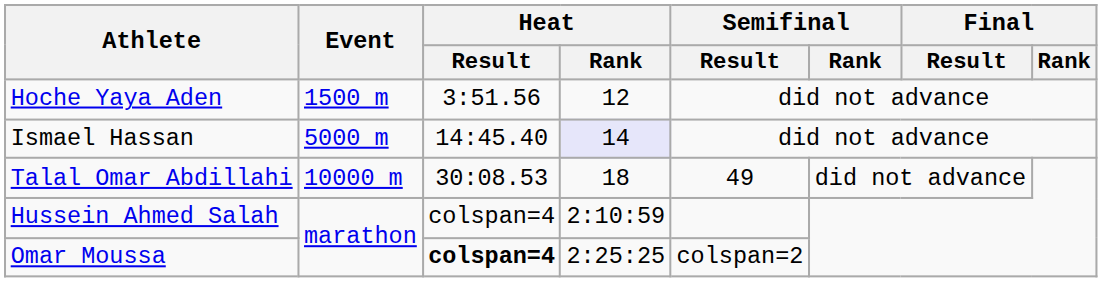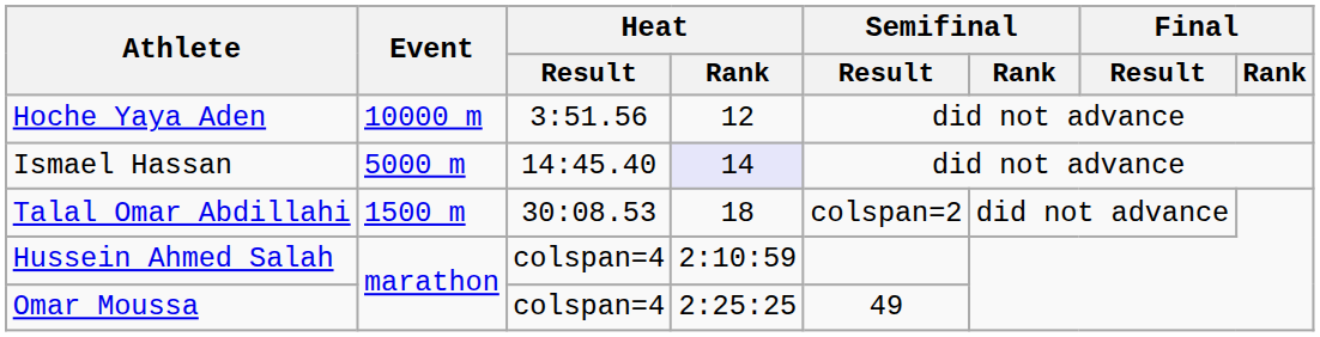 <table class="wikitable" style="font-size:90%">
 <tr>
 <th rowspan="2">Athlete</th>
 <th rowspan="2">Event</th>
 <th colspan="2">Heat</th>
 <th colspan="2">Semifinal</th>
 <th colspan="2">Final</th>
 </tr>
 <tr style="font-size:95%">
 <th>Result</th>
 <th>Rank </th>
 <th>Result</th>
 <th>Rank</th>
 <th>Result</th>
 <th>Rank</th>
 </tr>
 <tr align=center>
 <td align=left><a href='#'>Hoche Yaya Aden</a></td>
-<td align=left><a href='#'>1500 m</a></td>
+<td align=left><a href='#'>10000 m</a></td>
 <td>3:51.56</td>
 <td>12</td>
 <td colspan=4>did not advance</td>
 </tr>
 <tr align=center>
 <td align=left>Ismael Hassan</td>
 <td align=left><a href='#'>5000 m</a></td>
 <td>14:45.40</td>
 <td style="background: lavender;">14</td>
 <td colspan=4>did not advance</td>
 </tr>
 <tr align=center>
 <td align=left><a href='#'>Talal Omar Abdillahi</a></td>
-<td align=left><a href='#'>10000 m</a></td>
+<td align=left><a href='#'>1500 m</a></td>
 <td>30:08.53</td>
 <td>18</td>
-<td>49</td>
+<td>colspan=2 </td>
 <td colspan=2>did not advance</td>
 </tr>
 <tr align=center>
 <td align=left><a href='#'>Hussein Ahmed Salah</a></td>
 <td align=left rowspan=2><a href='#'>marathon</a></td>
 <td>colspan=4 </td>
 <td>2:10:59</td>
 <td></td>
 </tr>
 <tr align=center>
 <td align=left><a href='#'>Omar Moussa</a></td>
-<td><strong>colspan=4 </strong></td>
+<td>colspan=4 </td>
 <td>2:25:25</td>
-<td>colspan=2 </td>
+<td>49</td>
 </tr>
 </table>
